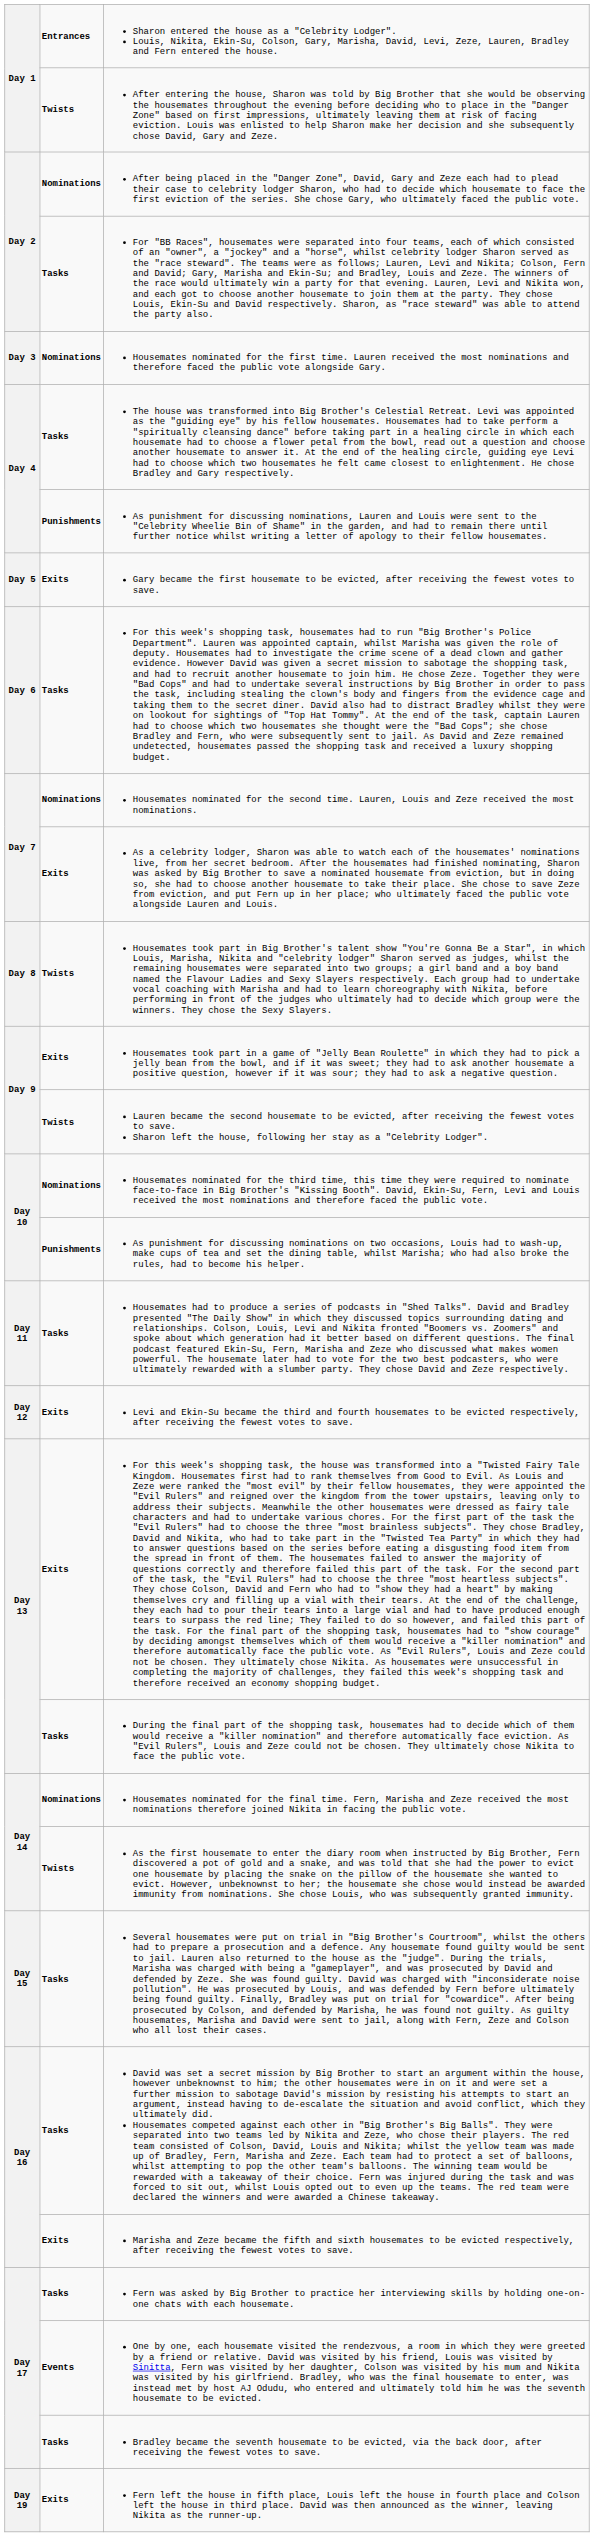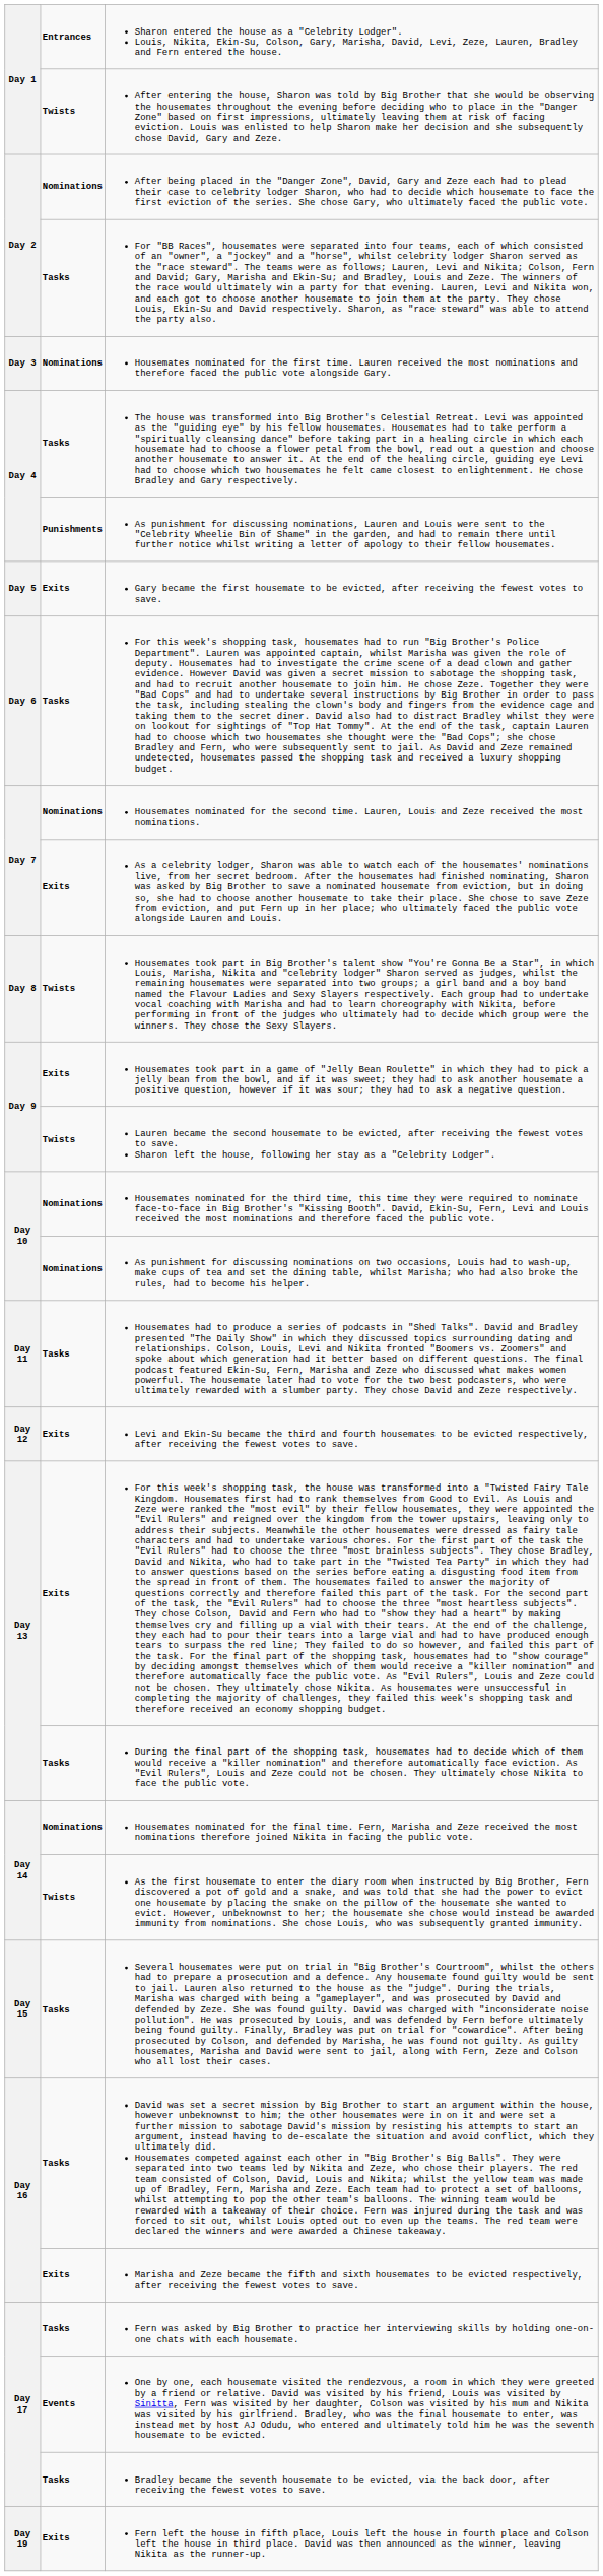 <table class="wikitable" style="width: 96%; margin-left: auto; margin-right: auto;">
 <tr>
 <th rowspan=2 style="width: 6%;">Day 1</th>
 <td><strong>Entrances</strong></td>
 <td><br><ul><li>Sharon entered the house as a "Celebrity Lodger".</li><li>Louis, Nikita, Ekin-Su, Colson, Gary, Marisha, David, Levi, Zeze, Lauren, Bradley and Fern entered the house.</li></ul></td>
 </tr>
 <tr>
 <td><strong>Twists</strong></td>
 <td><br><ul><li>After entering the house, Sharon was told by Big Brother that she would be observing the housemates throughout the evening before deciding who to place in the "Danger Zone" based on first impressions, ultimately leaving them at risk of facing eviction. Louis was enlisted to help Sharon make her decision and she subsequently chose David, Gary and Zeze.</li></ul></td>
 </tr>
 <tr>
 <th rowspan=2 style="width: 6%;">Day 2</th>
 <td><strong>Nominations</strong></td>
 <td><br><ul><li>After being placed in the "Danger Zone", David, Gary and Zeze each had to plead their case to celebrity lodger Sharon, who had to decide which housemate to face the first eviction of the series. She chose Gary, who ultimately faced the public vote.</li></ul></td>
 </tr>
 <tr>
 <td><strong>Tasks</strong></td>
 <td><br><ul><li>For "BB Races", housemates were separated into four teams, each of which consisted of an "owner", a "jockey" and a "horse", whilst celebrity lodger Sharon served as the "race steward". The teams were as follows; Lauren, Levi and Nikita; Colson, Fern and David; Gary, Marisha and Ekin-Su; and Bradley, Louis and Zeze. The winners of the race would ultimately win a party for that evening. Lauren, Levi and Nikita won, and each got to choose another housemate to join them at the party. They chose Louis, Ekin-Su and David respectively. Sharon, as "race steward" was able to attend the party also.</li></ul></td>
 </tr>
 <tr>
 <th style="width: 6%;">Day 3</th>
 <td><strong>Nominations</strong></td>
 <td><br><ul><li>Housemates nominated for the first time. Lauren received the most nominations and therefore faced the public vote alongside Gary.</li></ul></td>
 </tr>
 <tr>
 <th rowspan=2 style="width: 6%;">Day 4</th>
 <td><strong>Tasks</strong></td>
 <td><br><ul><li>The house was transformed into Big Brother's Celestial Retreat. Levi was appointed as the "guiding eye" by his fellow housemates. Housemates had to take perform a "spiritually cleansing dance" before taking part in a healing circle in which each housemate had to choose a flower petal from the bowl, read out a question and choose another housemate to answer it. At the end of the healing circle, guiding eye Levi had to choose which two housemates he felt came closest to enlightenment. He chose Bradley and Gary respectively.</li></ul></td>
 </tr>
 <tr>
 <td><strong>Punishments</strong></td>
 <td><br><ul><li>As punishment for discussing nominations, Lauren and Louis were sent to the "Celebrity Wheelie Bin of Shame" in the garden, and had to remain there until further notice whilst writing a letter of apology to their fellow housemates.</li></ul></td>
 </tr>
 <tr>
 <th style="width: 6%;">Day 5</th>
 <td><strong>Exits</strong></td>
 <td><br><ul><li>Gary became the first housemate to be evicted, after receiving the fewest votes to save.</li></ul></td>
 </tr>
 <tr>
 <th style="width: 6%;">Day 6</th>
 <td><strong>Tasks</strong></td>
 <td><br><ul><li>For this week's shopping task, housemates had to run "Big Brother's Police Department". Lauren was appointed captain, whilst Marisha was given the role of deputy. Housemates had to investigate the crime scene of a dead clown and gather evidence. However David was given a secret mission to sabotage the shopping task, and had to recruit another housemate to join him. He chose Zeze. Together they were "Bad Cops" and had to undertake several instructions by Big Brother in order to pass the task, including stealing the clown's body and fingers from the evidence cage and taking them to the secret diner. David also had to distract Bradley whilst they were on lookout for sightings of "Top Hat Tommy". At the end of the task, captain Lauren had to choose which two housemates she thought were the "Bad Cops"; she chose Bradley and Fern, who were subsequently sent to jail. As David and Zeze remained undetected, housemates passed the shopping task and received a luxury shopping budget.</li></ul></td>
 </tr>
 <tr>
 <th rowspan=2 style="width: 6%;">Day 7</th>
 <td><strong>Nominations</strong></td>
 <td><br><ul><li>Housemates nominated for the second time. Lauren, Louis and Zeze received the most nominations.</li></ul></td>
 </tr>
 <tr>
 <td><strong>Exits</strong></td>
 <td><br><ul><li>As a celebrity lodger, Sharon was able to watch each of the housemates' nominations live, from her secret bedroom. After the housemates had finished nominating, Sharon was asked by Big Brother to save a nominated housemate from eviction, but in doing so, she had to choose another housemate to take their place. She chose to save Zeze from eviction, and put Fern up in her place; who ultimately faced the public vote alongside Lauren and Louis.</li></ul></td>
 </tr>
 <tr>
 <th style="width: 6%;">Day 8</th>
 <td><strong>Twists</strong></td>
 <td><br><ul><li>Housemates took part in Big Brother's talent show "You're Gonna Be a Star", in which Louis, Marisha, Nikita and "celebrity lodger" Sharon served as judges, whilst the remaining housemates were separated into two groups; a girl band and a boy band named the Flavour Ladies and Sexy Slayers respectively. Each group had to undertake vocal coaching with Marisha and had to learn choreography with Nikita, before performing in front of the judges who ultimately had to decide which group were the winners. They chose the Sexy Slayers.</li></ul></td>
 </tr>
 <tr>
 <th rowspan=2 style="width: 6%;">Day 9</th>
 <td><strong>Exits</strong></td>
 <td><br><ul><li>Housemates took part in a game of "Jelly Bean Roulette" in which they had to pick a jelly bean from the bowl, and if it was sweet; they had to ask another housemate a positive question, however if it was sour; they had to ask a negative question.</li></ul></td>
 </tr>
 <tr>
 <td><strong>Twists</strong></td>
 <td><br><ul><li>Lauren became the second housemate to be evicted, after receiving the fewest votes to save.</li><li>Sharon left the house, following her stay as a "Celebrity Lodger".</li></ul></td>
 </tr>
 <tr>
 <th rowspan=2 style="width: 6%;">Day 10</th>
 <td><strong>Nominations</strong></td>
 <td><br><ul><li>Housemates nominated for the third time, this time they were required to nominate face-to-face in Big Brother's "Kissing Booth". David, Ekin-Su, Fern, Levi and Louis received the most nominations and therefore faced the public vote.</li></ul></td>
 </tr>
 <tr>
-<td><strong>Punishments</strong></td>
+<td><strong>Nominations</strong></td>
 <td><br><ul><li>As punishment for discussing nominations on two occasions, Louis had to wash-up, make cups of tea and set the dining table, whilst Marisha; who had also broke the rules, had to become his helper.</li></ul></td>
 </tr>
 <tr>
 <th style="width: 6%;">Day 11</th>
 <td><strong>Tasks</strong></td>
 <td><br><ul><li>Housemates had to produce a series of podcasts in "Shed Talks". David and Bradley presented "The Daily Show" in which they discussed topics surrounding dating and relationships. Colson, Louis, Levi and Nikita fronted "Boomers vs. Zoomers" and spoke about which generation had it better based on different questions. The final podcast featured Ekin-Su, Fern, Marisha and Zeze who discussed what makes women powerful. The housemate later had to vote for the two best podcasters, who were ultimately rewarded with a slumber party. They chose David and Zeze respectively.</li></ul></td>
 </tr>
 <tr>
 <th style="width: 6%;">Day 12</th>
 <td><strong>Exits</strong></td>
 <td><br><ul><li>Levi and Ekin-Su became the third and fourth housemates to be evicted respectively, after receiving the fewest votes to save.</li></ul></td>
 </tr>
 <tr>
 <th rowspan=2 style="width: 6%;">Day 13</th>
 <td><strong>Exits</strong></td>
 <td><br><ul><li>For this week's shopping task, the house was transformed into a "Twisted Fairy Tale Kingdom. Housemates first had to rank themselves from Good to Evil. As Louis and Zeze were ranked the "most evil" by their fellow housemates, they were appointed the "Evil Rulers" and reigned over the kingdom from the tower upstairs, leaving only to address their subjects. Meanwhile the other housemates were dressed as fairy tale characters and had to undertake various chores. For the first part of the task the "Evil Rulers" had to choose the three "most brainless subjects". They chose Bradley, David and Nikita, who had to take part in the "Twisted Tea Party" in which they had to answer questions based on the series before eating a disgusting food item from the spread in front of them. The housemates failed to answer the majority of questions correctly and therefore failed this part of the task. For the second part of the task, the "Evil Rulers" had to choose the three "most heartless subjects". They chose Colson, David and Fern who had to "show they had a heart" by making themselves cry and filling up a vial with their tears. At the end of the challenge, they each had to pour their tears into a large vial and had to have produced enough tears to surpass the red line; They failed to do so however, and failed this part of the task. For the final part of the shopping task, housemates had to "show courage" by deciding amongst themselves which of them would receive a "killer nomination" and therefore automatically face the public vote. As "Evil Rulers", Louis and Zeze could not be chosen. They ultimately chose Nikita. As housemates were unsuccessful in completing the majority of challenges, they failed this week's shopping task and therefore received an economy shopping budget.</li></ul></td>
 </tr>
 <tr>
 <td><strong>Tasks</strong></td>
 <td><br><ul><li>During the final part of the shopping task, housemates had to decide which of them would receive a "killer nomination" and therefore automatically face eviction. As "Evil Rulers", Louis and Zeze could not be chosen. They ultimately chose Nikita to face the public vote.</li></ul></td>
 </tr>
 <tr>
 <th rowspan=2 style="width: 6%;">Day 14</th>
 <td><strong>Nominations</strong></td>
 <td><br><ul><li>Housemates nominated for the final time. Fern, Marisha and Zeze received the most nominations therefore joined Nikita in facing the public vote.</li></ul></td>
 </tr>
 <tr>
 <td><strong>Twists</strong></td>
 <td><br><ul><li>As the first housemate to enter the diary room when instructed by Big Brother, Fern discovered a pot of gold and a snake, and was told that she had the power to evict one housemate by placing the snake on the pillow of the housemate she wanted to evict. However, unbeknownst to her; the housemate she chose would instead be awarded immunity from nominations. She chose Louis, who was subsequently granted immunity.</li></ul></td>
 </tr>
 <tr>
 <th style="width: 6%;">Day 15</th>
 <td><strong>Tasks</strong></td>
 <td><br><ul><li>Several housemates were put on trial in "Big Brother's Courtroom", whilst the others had to prepare a prosecution and a defence. Any housemate found guilty would be sent to jail. Lauren also returned to the house as the "judge". During the trials, Marisha was charged with being a "gameplayer", and was prosecuted by David and defended by Zeze. She was found guilty. David was charged with "inconsiderate noise pollution". He was prosecuted by Louis, and was defended by Fern before ultimately being found guilty. Finally, Bradley was put on trial for "cowardice". After being prosecuted by Colson, and defended by Marisha, he was found not guilty. As guilty housemates, Marisha and David were sent to jail, along with Fern, Zeze and Colson who all lost their cases.</li></ul></td>
 </tr>
 <tr>
 <th rowspan=2 style="width: 6%;">Day 16</th>
 <td><strong>Tasks</strong></td>
 <td><br><ul><li>David was set a secret mission by Big Brother to start an argument within the house, however unbeknownst to him; the other housemates were in on it and were set a further mission to sabotage David's mission by resisting his attempts to start an argument, instead having to de-escalate the situation and avoid conflict, which they ultimately did.</li><li>Housemates competed against each other in "Big Brother's Big Balls". They were separated into two teams led by Nikita and Zeze, who chose their players. The red team consisted of Colson, David, Louis and Nikita; whilst the yellow team was made up of Bradley, Fern, Marisha and Zeze. Each team had to protect a set of balloons, whilst attempting to pop the other team's balloons. The winning team would be rewarded with a takeaway of their choice. Fern was injured during the task and was forced to sit out, whilst Louis opted out to even up the teams. The red team were declared the winners and were awarded a Chinese takeaway.</li></ul></td>
 </tr>
 <tr>
 <td><strong>Exits</strong></td>
 <td><br><ul><li>Marisha and Zeze became the fifth and sixth housemates to be evicted respectively, after receiving the fewest votes to save.</li></ul></td>
 </tr>
 <tr>
 <th rowspan=3 style="width: 6%;">Day 17</th>
 <td><strong>Tasks</strong></td>
 <td><br><ul><li>Fern was asked by Big Brother to practice her interviewing skills by holding one-on-one chats with each housemate.</li></ul></td>
 </tr>
 <tr>
 <td><strong>Events</strong></td>
 <td><br><ul><li>One by one, each housemate visited the rendezvous, a room in which they were greeted by a friend or relative. David was visited by his friend, Louis was visited by <a href='#'>Sinitta</a>, Fern was visited by her daughter, Colson was visited by his mum and Nikita was visited by his girlfriend. Bradley, who was the final housemate to enter, was instead met by host AJ Odudu, who entered and ultimately told him he was the seventh housemate to be evicted.</li></ul></td>
 </tr>
 <tr>
 <td><strong>Tasks</strong></td>
 <td><br><ul><li>Bradley became the seventh housemate to be evicted, via the back door, after receiving the fewest votes to save.</li></ul></td>
 </tr>
 <tr>
 <th style="width: 6%;">Day 19</th>
 <td><strong>Exits</strong></td>
 <td><br><ul><li>Fern left the house in fifth place, Louis left the house in fourth place and Colson left the house in third place. David was then announced as the winner, leaving Nikita as the runner-up.</li></ul></td>
 </tr>
 </table>
